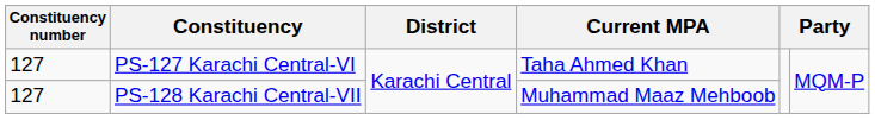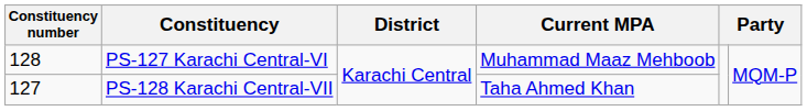 <table class="wikitable">
 <tr>
 <th width="50px" style="font-size:75%">Constituency number</th>
 <th>Constituency</th>
 <th>District</th>
 <th>Current MPA</th>
 <th colspan="2">Party</th>
 </tr>
 <tr>
-<td>127</td>
+<td>128</td>
 <td><a href='#'>PS-127 Karachi Central-VI</a></td>
 <td rowspan="2"><a href='#'>Karachi Central</a></td>
-<td><a href='#'>Taha Ahmed Khan</a></td>
+<td><a href='#'>Muhammad Maaz Mehboob</a></td>
 <td rowspan="2"></td>
 <td rowspan="2"><a href='#'>MQM-P</a></td>
 </tr>
 <tr>
 <td>127</td>
 <td><a href='#'>PS-128 Karachi Central-VII</a></td>
-<td><a href='#'>Muhammad Maaz Mehboob</a></td>
+<td><a href='#'>Taha Ahmed Khan</a></td>
 </tr>
 </table>
